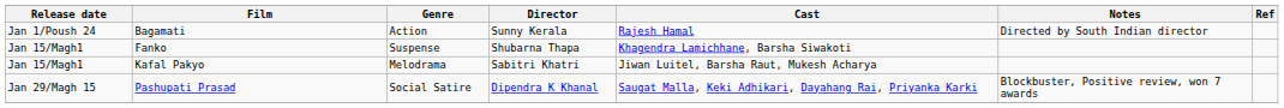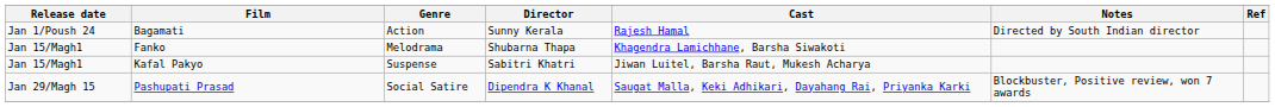 <table class="wikitable sortable" style="width:100%">
 <tr shor>
 </tr>
 <tr>
 <th style="width:10%;">Release date</th>
 <th style="width:20%;">Film</th>
 <th !style="width:10%;">Genre</th>
 <th style="width:10%;">Director</th>
 <th style="width:30%;">Cast</th>
 <th style="width:20%;">Notes</th>
 <th style="width:2%;">Ref</th>
 </tr>
 <tr>
 <td>Jan 1/Poush 24</td>
 <td>Bagamati</td>
 <td>Action</td>
 <td>Sunny Kerala</td>
 <td><a href='#'>Rajesh Hamal</a></td>
 <td>Directed by South Indian director</td>
 <td></td>
 </tr>
 <tr>
 <td>Jan 15/Magh1</td>
 <td>Fanko</td>
-<td>Suspense</td>
+<td>Melodrama</td>
 <td>Shubarna Thapa</td>
 <td><a href='#'>Khagendra Lamichhane</a>, Barsha Siwakoti</td>
 <td></td>
 <td></td>
 </tr>
 <tr>
 <td>Jan 15/Magh1</td>
 <td>Kafal Pakyo</td>
-<td>Melodrama</td>
+<td>Suspense</td>
 <td>Sabitri Khatri</td>
 <td>Jiwan Luitel, Barsha Raut, Mukesh Acharya</td>
 <td></td>
 <td></td>
 </tr>
 <tr>
 <td>Jan 29/Magh 15</td>
 <td><a href='#'>Pashupati Prasad</a></td>
 <td>Social Satire</td>
 <td><a href='#'>Dipendra K Khanal</a></td>
 <td><a href='#'>Saugat Malla</a>, <a href='#'>Keki Adhikari</a>, <a href='#'>Dayahang Rai</a>, <a href='#'>Priyanka Karki</a></td>
 <td>Blockbuster, Positive review, won 7 awards</td>
 <td></td>
 </tr>
 <tr>
 </tr>
 </table>
